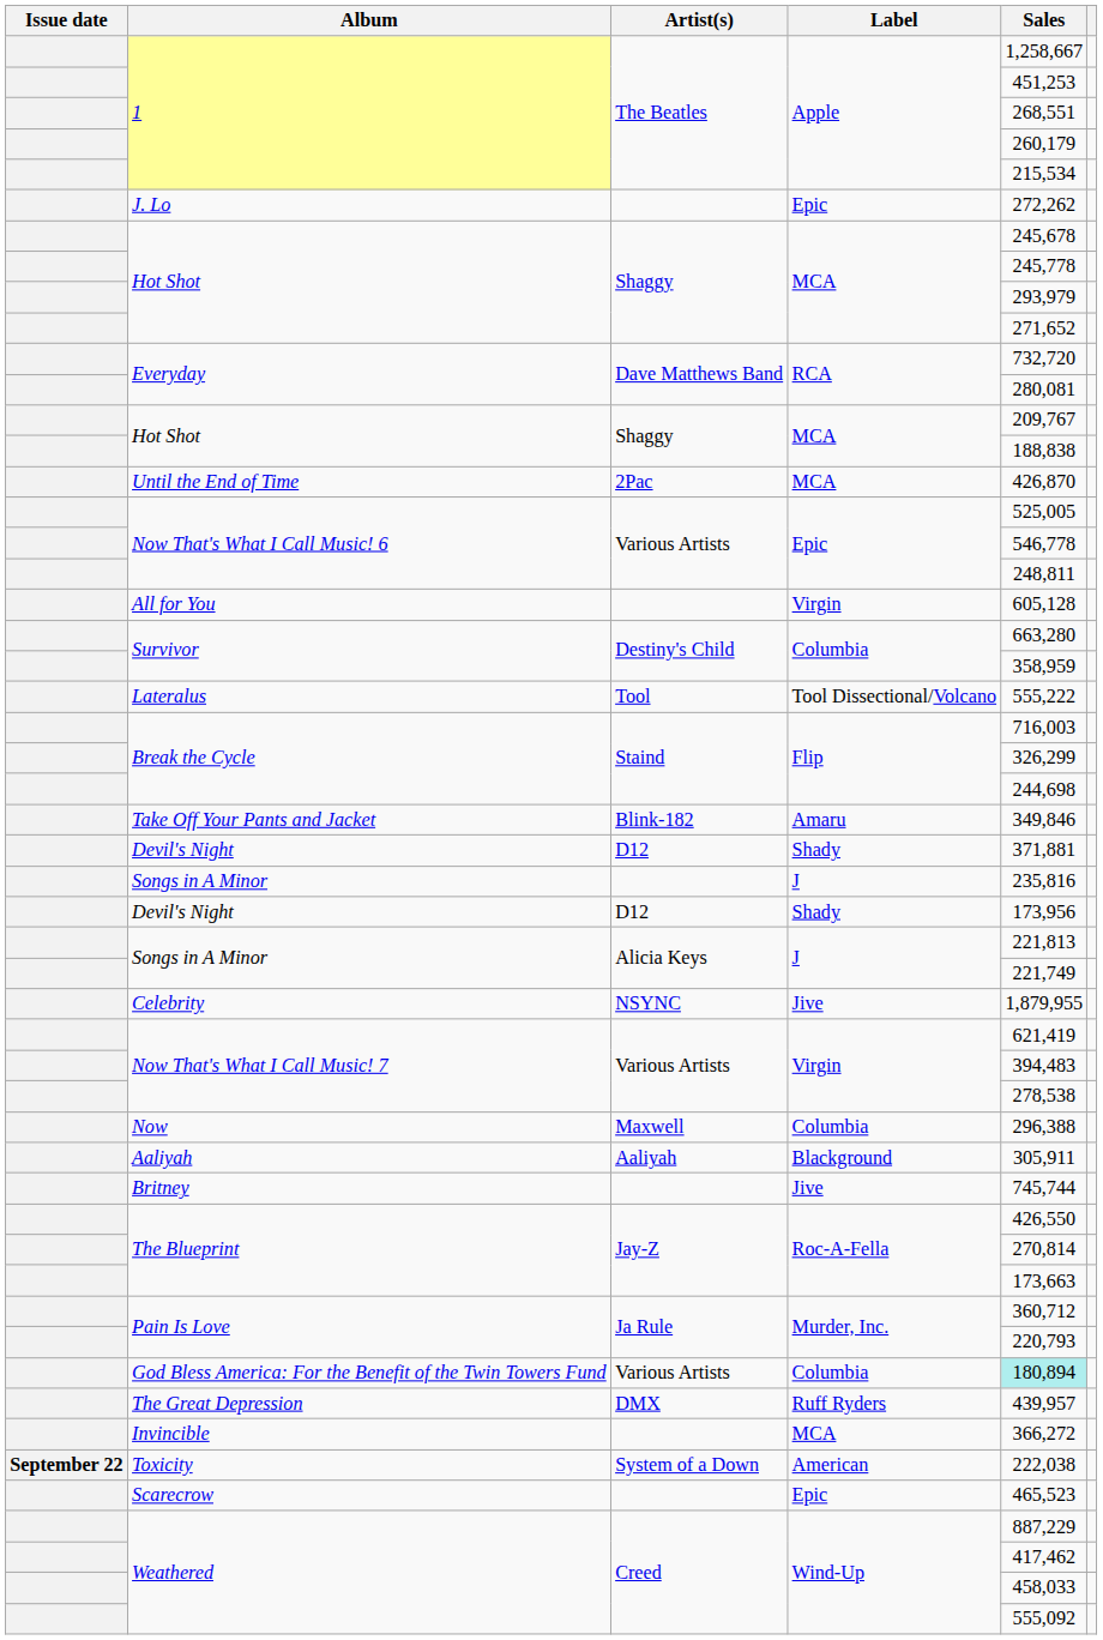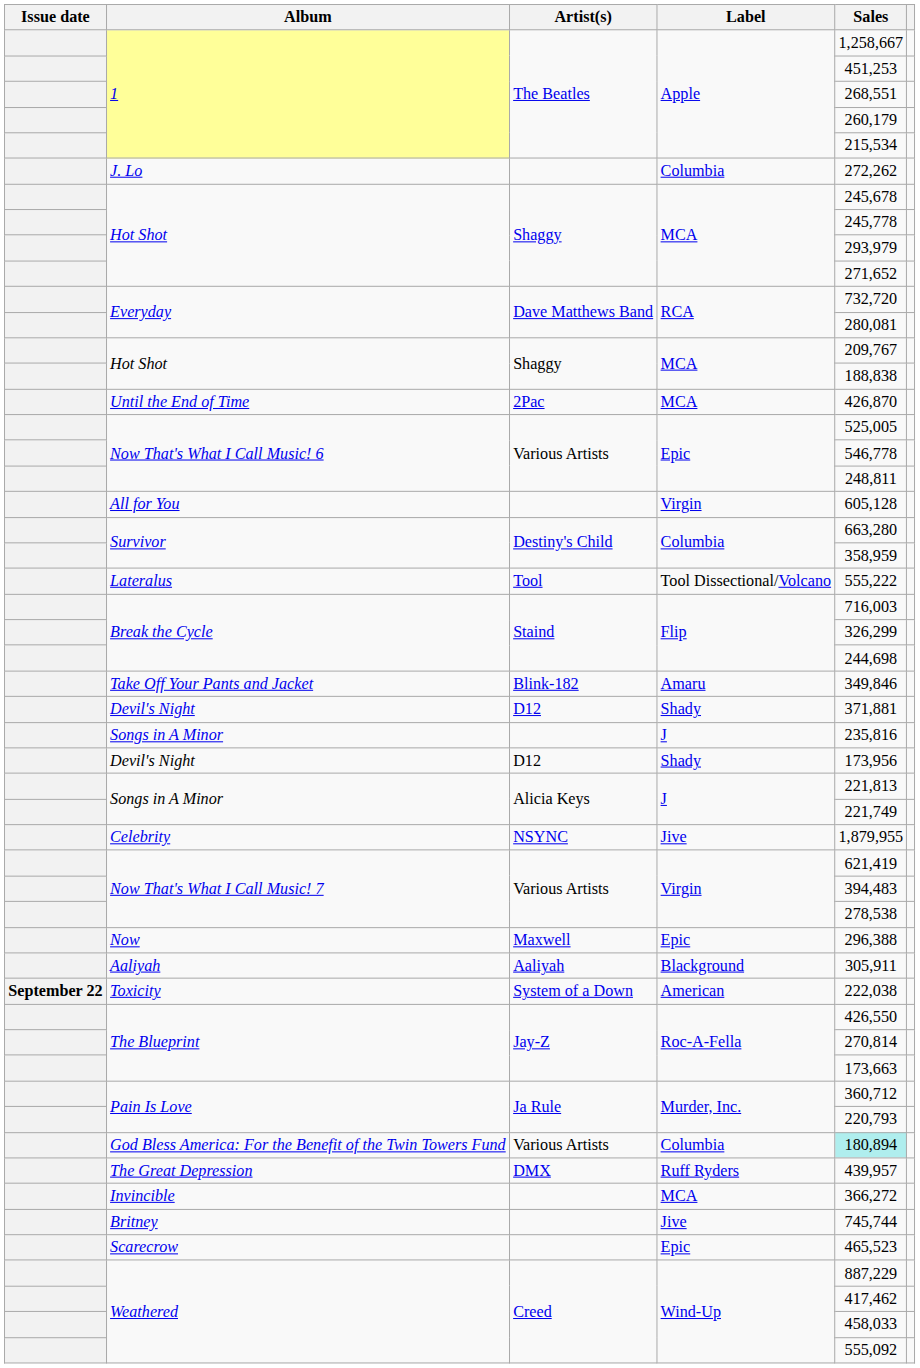 <table class="wikitable sortable plainrowheaders" style="text-align:left;">
 <tr>
 <th scope=col>Issue date</th>
 <th scope=col>Album</th>
 <th scope=col>Artist(s)</th>
 <th scope=col>Label</th>
 <th scope=col>Sales</th>
 <th scope=col class="unsortable"></th>
 </tr>
 <tr>
 <th scope="row"></th>
 <td rowspan="5" style="background:#ff9;"><em><a href='#'>1</a></em> </td>
 <td rowspan=5><a href='#'>The Beatles</a></td>
 <td rowspan=5><a href='#'>Apple</a></td>
 <td style="text-align: center;">1,258,667</td>
 <td style="text-align: center;"></td>
 </tr>
 <tr>
 <th scope="row"></th>
 <td style="text-align: center;">451,253</td>
 <td style="text-align: center;"></td>
 </tr>
 <tr>
 <th scope="row"></th>
 <td style="text-align: center;">268,551</td>
 <td style="text-align: center;"></td>
 </tr>
 <tr>
 <th scope="row"></th>
 <td style="text-align: center;">260,179</td>
 <td style="text-align: center;"></td>
 </tr>
 <tr>
 <th scope="row"></th>
 <td style="text-align: center;">215,534</td>
 <td style="text-align: center;"></td>
 </tr>
 <tr>
 <th scope="row"></th>
 <td><em><a href='#'>J. Lo</a></em></td>
 <td></td>
-<td><a href='#'>Epic</a></td>
+<td><a href='#'>Columbia</a></td>
 <td style="text-align: center;">272,262</td>
 <td style="text-align: center;"></td>
 </tr>
 <tr>
 <th scope="row"></th>
 <td rowspan=4><em><a href='#'>Hot Shot</a></em></td>
 <td rowspan=4><a href='#'>Shaggy</a></td>
 <td rowspan=4><a href='#'>MCA</a></td>
 <td style="text-align: center;">245,678</td>
 <td style="text-align: center;"></td>
 </tr>
 <tr>
 <th scope="row"></th>
 <td style="text-align: center;">245,778</td>
 <td style="text-align: center;"></td>
 </tr>
 <tr>
 <th scope="row"></th>
 <td style="text-align: center;">293,979</td>
 <td style="text-align: center;"></td>
 </tr>
 <tr>
 <th scope="row"></th>
 <td style="text-align: center;">271,652</td>
 <td style="text-align: center;"></td>
 </tr>
 <tr>
 <th scope="row"></th>
 <td rowspan=2><em><a href='#'>Everyday</a></em></td>
 <td rowspan=2><a href='#'>Dave Matthews Band</a></td>
 <td rowspan=2><a href='#'>RCA</a></td>
 <td style="text-align: center;">732,720</td>
 <td style="text-align: center;"></td>
 </tr>
 <tr>
 <th scope="row"></th>
 <td style="text-align: center;">280,081</td>
 <td style="text-align: center;"></td>
 </tr>
 <tr>
 <th scope="row"></th>
 <td rowspan=2><em>Hot Shot</em></td>
 <td rowspan=2>Shaggy</td>
 <td rowspan=2><a href='#'>MCA</a></td>
 <td style="text-align: center;">209,767</td>
 <td style="text-align: center;"></td>
 </tr>
 <tr>
 <th scope="row"></th>
 <td style="text-align: center;">188,838</td>
 <td style="text-align: center;"></td>
 </tr>
 <tr>
 <th scope="row"></th>
 <td><em><a href='#'>Until the End of Time</a></em></td>
 <td><a href='#'>2Pac</a></td>
 <td><a href='#'>MCA</a></td>
 <td style="text-align: center;">426,870</td>
 <td style="text-align: center;"></td>
 </tr>
 <tr>
 <th scope="row"></th>
 <td rowspan=3><em><a href='#'>Now That's What I Call Music! 6</a></em></td>
 <td rowspan=3>Various Artists</td>
 <td rowspan=3><a href='#'>Epic</a></td>
 <td style="text-align: center;">525,005</td>
 <td style="text-align: center;"></td>
 </tr>
 <tr>
 <th scope="row"></th>
 <td style="text-align: center;">546,778</td>
 <td style="text-align: center;"></td>
 </tr>
 <tr>
 <th scope="row"></th>
 <td style="text-align: center;">248,811</td>
 <td style="text-align: center;"></td>
 </tr>
 <tr>
 <th scope="row"></th>
 <td><em><a href='#'>All for You</a></em></td>
 <td></td>
 <td><a href='#'>Virgin</a></td>
 <td style="text-align: center;">605,128</td>
 <td style="text-align: center;"></td>
 </tr>
 <tr>
 <th scope="row"></th>
 <td rowspan=2><em><a href='#'>Survivor</a></em></td>
 <td rowspan=2><a href='#'>Destiny's Child</a></td>
 <td rowspan=2><a href='#'>Columbia</a></td>
 <td style="text-align: center;">663,280</td>
 <td style="text-align: center;"></td>
 </tr>
 <tr>
 <th scope="row"></th>
 <td style="text-align: center;">358,959</td>
 <td style="text-align: center;"></td>
 </tr>
 <tr>
 <th scope="row"></th>
 <td><em><a href='#'>Lateralus</a></em></td>
 <td><a href='#'>Tool</a></td>
 <td>Tool Dissectional/<a href='#'>Volcano</a></td>
 <td style="text-align: center;">555,222</td>
 <td style="text-align: center;"></td>
 </tr>
 <tr>
 <th scope="row"></th>
 <td rowspan=3><em><a href='#'>Break the Cycle</a></em></td>
 <td rowspan=3><a href='#'>Staind</a></td>
 <td rowspan=3><a href='#'>Flip</a></td>
 <td style="text-align: center;">716,003</td>
 <td style="text-align: center;"></td>
 </tr>
 <tr>
 <th scope="row"></th>
 <td style="text-align: center;">326,299</td>
 <td style="text-align: center;"></td>
 </tr>
 <tr>
 <th scope="row"></th>
 <td style="text-align: center;">244,698</td>
 <td style="text-align: center;"></td>
 </tr>
 <tr>
 <th scope="row"></th>
 <td><em><a href='#'>Take Off Your Pants and Jacket</a></em></td>
 <td><a href='#'>Blink-182</a></td>
 <td><a href='#'>Amaru</a></td>
 <td style="text-align: center;">349,846</td>
 <td style="text-align: center;"></td>
 </tr>
 <tr>
 <th scope="row"></th>
 <td><em><a href='#'>Devil's Night</a></em></td>
 <td><a href='#'>D12</a></td>
 <td><a href='#'>Shady</a></td>
 <td style="text-align: center;">371,881</td>
 <td style="text-align: center;"></td>
 </tr>
 <tr>
 <th scope="row"></th>
 <td><em><a href='#'>Songs in A Minor</a></em></td>
 <td></td>
 <td><a href='#'>J</a></td>
 <td style="text-align: center;">235,816</td>
 <td style="text-align: center;"></td>
 </tr>
 <tr>
 <th scope="row"></th>
 <td><em>Devil's Night</em></td>
 <td>D12</td>
 <td><a href='#'>Shady</a></td>
 <td style="text-align: center;">173,956</td>
 <td style="text-align: center;"></td>
 </tr>
 <tr>
 <th scope="row"></th>
 <td rowspan=2><em>Songs in A Minor</em></td>
 <td rowspan=2>Alicia Keys</td>
 <td rowspan=2><a href='#'>J</a></td>
 <td style="text-align: center;">221,813</td>
 <td style="text-align: center;"></td>
 </tr>
 <tr>
 <th scope="row"></th>
 <td style="text-align: center;">221,749</td>
 <td style="text-align: center;"></td>
 </tr>
 <tr>
 <th scope="row"></th>
 <td><em><a href='#'>Celebrity</a></em></td>
 <td><a href='#'>NSYNC</a></td>
 <td><a href='#'>Jive</a></td>
 <td style="text-align: center;">1,879,955</td>
 <td style="text-align: center;"></td>
 </tr>
 <tr>
 <th scope="row"></th>
 <td rowspan=3><em><a href='#'>Now That's What I Call Music! 7</a></em></td>
 <td rowspan=3>Various Artists</td>
 <td rowspan=3><a href='#'>Virgin</a></td>
 <td style="text-align: center;">621,419</td>
 <td style="text-align: center;"></td>
 </tr>
 <tr>
 <th scope="row"></th>
 <td style="text-align: center;">394,483</td>
 <td style="text-align: center;"></td>
 </tr>
 <tr>
 <th scope="row"></th>
 <td style="text-align: center;">278,538</td>
 <td style="text-align: center;"></td>
 </tr>
 <tr>
 <th scope="row"></th>
 <td><em><a href='#'>Now</a></em></td>
 <td><a href='#'>Maxwell</a></td>
-<td><a href='#'>Columbia</a></td>
+<td><a href='#'>Epic</a></td>
 <td style="text-align: center;">296,388</td>
 <td style="text-align: center;"></td>
 </tr>
 <tr>
 <th scope="row"></th>
 <td><em><a href='#'>Aaliyah</a></em></td>
 <td><a href='#'>Aaliyah</a></td>
 <td><a href='#'>Blackground</a></td>
 <td style="text-align: center;">305,911</td>
 <td style="text-align: center;"></td>
 </tr>
 <tr>
-<th scope="row"></th>
-<td><em><a href='#'>Britney</a></em></td>
-<td></td>
-<td><a href='#'>Jive</a></td>
-<td style="text-align: center;">745,744</td>
+<th scope="row">September 22</th>
+<td><em><a href='#'>Toxicity</a></em></td>
+<td><a href='#'>System of a Down</a></td>
+<td><a href='#'>American</a></td>
+<td style="text-align: center;">222,038</td>
 <td style="text-align: center;"></td>
 </tr>
 <tr>
 <th scope="row"></th>
 <td rowspan=3><em><a href='#'>The Blueprint</a></em></td>
 <td rowspan=3><a href='#'>Jay-Z</a></td>
 <td rowspan=3><a href='#'>Roc-A-Fella</a></td>
 <td style="text-align: center;">426,550</td>
 <td style="text-align: center;"></td>
 </tr>
 <tr>
 <th scope="row"></th>
 <td style="text-align: center;">270,814</td>
 <td style="text-align: center;"></td>
 </tr>
 <tr>
 <th scope="row"></th>
 <td style="text-align: center;">173,663</td>
 <td style="text-align: center;"></td>
 </tr>
 <tr>
 <th scope="row"></th>
 <td rowspan=2><em><a href='#'>Pain Is Love</a></em></td>
 <td rowspan=2><a href='#'>Ja Rule</a></td>
 <td rowspan=2><a href='#'>Murder, Inc.</a></td>
 <td style="text-align: center;">360,712</td>
 <td style="text-align: center;"></td>
 </tr>
 <tr>
 <th scope="row"></th>
 <td style="text-align: center;">220,793</td>
 <td style="text-align: center;"></td>
 </tr>
 <tr>
 <th scope="row"></th>
 <td><em><a href='#'>God Bless America: For the Benefit of the Twin Towers Fund</a></em></td>
 <td>Various Artists</td>
 <td><a href='#'>Columbia</a></td>
 <td style="background: paleturquoise; text-align: center;">180,894</td>
 <td style="text-align: center;"></td>
 </tr>
 <tr>
 <th scope="row"></th>
 <td><em><a href='#'>The Great Depression</a></em></td>
 <td><a href='#'>DMX</a></td>
 <td><a href='#'>Ruff Ryders</a></td>
 <td style="text-align: center;">439,957</td>
 <td style="text-align: center;"></td>
 </tr>
 <tr>
 <th scope="row"></th>
 <td><em><a href='#'>Invincible</a></em></td>
 <td></td>
 <td><a href='#'>MCA</a></td>
 <td style="text-align: center;">366,272</td>
 <td style="text-align: center;"></td>
 </tr>
 <tr>
-<th scope="row">September 22</th>
-<td><em><a href='#'>Toxicity</a></em></td>
-<td><a href='#'>System of a Down</a></td>
-<td><a href='#'>American</a></td>
-<td style="text-align: center;">222,038</td>
+<th scope="row"></th>
+<td><em><a href='#'>Britney</a></em></td>
+<td></td>
+<td><a href='#'>Jive</a></td>
+<td style="text-align: center;">745,744</td>
 <td style="text-align: center;"></td>
 </tr>
 <tr>
 <th scope="row"></th>
 <td><em><a href='#'>Scarecrow</a></em></td>
 <td></td>
 <td><a href='#'>Epic</a></td>
 <td style="text-align: center;">465,523</td>
 <td style="text-align: center;"></td>
 </tr>
 <tr>
 <th scope="row"></th>
 <td rowspan=4><em><a href='#'>Weathered</a></em></td>
 <td rowspan=4><a href='#'>Creed</a></td>
 <td rowspan=4><a href='#'>Wind-Up</a></td>
 <td style="text-align: center;">887,229</td>
 <td style="text-align: center;"></td>
 </tr>
 <tr>
 <th scope="row"></th>
 <td style="text-align: center;">417,462</td>
 <td style="text-align: center;"></td>
 </tr>
 <tr>
 <th scope="row"></th>
 <td style="text-align: center;">458,033</td>
 <td style="text-align: center;"></td>
 </tr>
 <tr>
 <th scope="row"></th>
 <td style="text-align: center;">555,092</td>
 <td style="text-align: center;"></td>
 </tr>
 </table>
